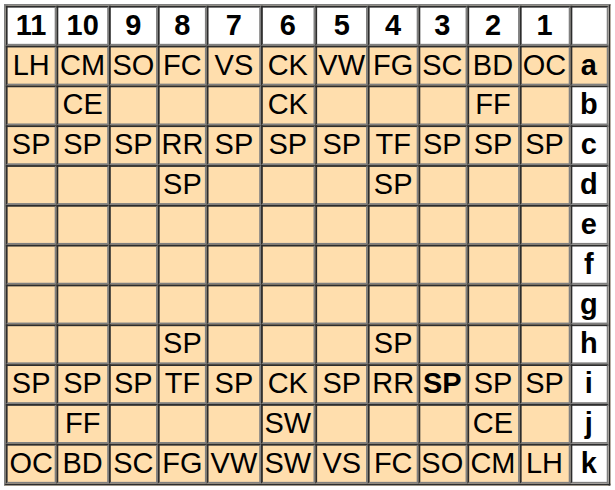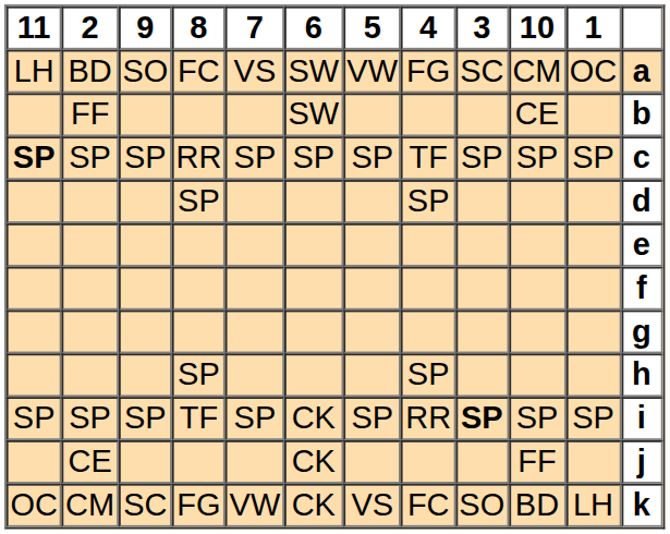 <table style="background:#ffdead" border="1" cellspacing="0">
 <tr align=center border="0" style="background:white;">
 <th style="width:17px">11</th>
-<th style="width:17px">10</th>
+<th style="width:17px">2</th>
 <th style="width:17px">9</th>
 <th style="width:17px">8</th>
 <th style="width:17px">7</th>
 <th style="width:17px">6</th>
 <th style="width:17px">5</th>
 <th style="width:17px">4</th>
 <th style="width:17px">3</th>
-<th style="width:17px">2</th>
+<th style="width:17px">10</th>
 <th style="width:17px">1</th>
 <th style="width:17px"> </th>
 </tr>
 <tr align=center>
 <td>LH</td>
-<td>CM</td>
+<td>BD</td>
 <td>SO</td>
 <td>FC</td>
 <td>VS</td>
-<td>CK</td>
+<td>SW</td>
 <td>VW</td>
 <td>FG</td>
 <td>SC</td>
-<td>BD</td>
+<td>CM</td>
 <td>OC</td>
 <td style="width:15px" style="background:white;"><strong>a</strong></td>
 </tr>
 <tr align=center>
 <td> </td>
-<td>CE</td>
+<td>FF</td>
 <td> </td>
 <td> </td>
 <td> </td>
-<td>CK</td>
+<td>SW</td>
 <td> </td>
 <td> </td>
 <td> </td>
-<td>FF</td>
+<td>CE</td>
 <td> </td>
 <td style="background:white;"><strong>b</strong></td>
 </tr>
 <tr align=center>
-<td>SP</td>
+<td><strong>SP</strong></td>
 <td>SP</td>
 <td>SP</td>
 <td>RR</td>
 <td>SP</td>
 <td>SP</td>
 <td>SP</td>
 <td>TF</td>
 <td>SP</td>
 <td>SP</td>
 <td>SP</td>
 <td style="background:white;"><strong>c</strong></td>
 </tr>
 <tr align=center>
 <td> </td>
 <td> </td>
 <td> </td>
 <td>SP</td>
 <td> </td>
 <td> </td>
 <td> </td>
 <td>SP</td>
 <td> </td>
 <td> </td>
 <td> </td>
 <td style="background:white;"><strong>d</strong></td>
 </tr>
 <tr align=center>
 <td> </td>
 <td> </td>
 <td> </td>
 <td> </td>
 <td> </td>
 <td> </td>
 <td> </td>
 <td> </td>
 <td> </td>
 <td> </td>
 <td> </td>
 <td style="background:white;"><strong>e</strong></td>
 </tr>
 <tr align=center>
 <td> </td>
 <td> </td>
 <td> </td>
 <td> </td>
 <td> </td>
 <td> </td>
 <td> </td>
 <td> </td>
 <td> </td>
 <td> </td>
 <td> </td>
 <td style="background:white;"><strong>f</strong></td>
 </tr>
 <tr align=center>
 <td> </td>
 <td> </td>
 <td> </td>
 <td> </td>
 <td> </td>
 <td> </td>
 <td> </td>
 <td> </td>
 <td> </td>
 <td> </td>
 <td> </td>
 <td style="background:white;"><strong>g</strong></td>
 </tr>
 <tr align=center>
 <td> </td>
 <td> </td>
 <td> </td>
 <td>SP</td>
 <td> </td>
 <td> </td>
 <td> </td>
 <td>SP</td>
 <td> </td>
 <td> </td>
 <td> </td>
 <td style="background:white;"><strong>h</strong></td>
 </tr>
 <tr align=center>
 <td>SP</td>
 <td>SP</td>
 <td>SP</td>
 <td>TF</td>
 <td>SP</td>
 <td>CK</td>
 <td>SP</td>
 <td>RR</td>
 <td><strong>SP</strong></td>
 <td>SP</td>
 <td>SP</td>
 <td style="background:white;"><strong>i</strong></td>
 </tr>
 <tr align=center>
 <td> </td>
-<td>FF</td>
+<td>CE</td>
 <td> </td>
 <td> </td>
 <td> </td>
-<td>SW</td>
+<td>CK</td>
 <td> </td>
 <td> </td>
 <td> </td>
-<td>CE</td>
+<td>FF</td>
 <td> </td>
 <td style="background:white;"><strong>j</strong></td>
 </tr>
 <tr align=center>
 <td>OC</td>
-<td>BD</td>
+<td>CM</td>
 <td>SC</td>
 <td>FG</td>
 <td>VW</td>
-<td>SW</td>
+<td>CK</td>
 <td>VS</td>
 <td>FC</td>
 <td>SO</td>
-<td>CM</td>
+<td>BD</td>
 <td>LH</td>
 <td style="background:white;"><strong>k</strong></td>
 </tr>
 </table>
